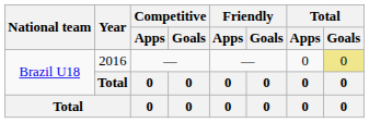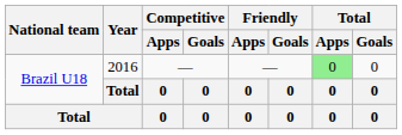 <table class="wikitable" style="text-align:center; font-size:96%">
 <tr>
 <th rowspan=2>National team</th>
 <th rowspan=2>Year</th>
 <th colspan=2>Competitive</th>
 <th colspan=2>Friendly</th>
 <th colspan=2>Total</th>
 </tr>
 <tr>
 <th>Apps</th>
 <th>Goals</th>
 <th>Apps</th>
 <th>Goals</th>
 <th>Apps</th>
 <th>Goals</th>
 </tr>
 <tr>
 <td rowspan=2><a href='#'>Brazil U18</a></td>
 <td>2016</td>
 <td colspan=2>—</td>
 <td colspan=2>—</td>
+<td style="background: lightgreen;">0</td>
 <td>0</td>
-<td style="background: khaki;">0</td>
 </tr>
 <tr>
 <th>Total</th>
 <th>0</th>
 <th>0</th>
 <th>0</th>
 <th>0</th>
 <th>0</th>
 <th>0</th>
 </tr>
 <tr>
 <th colspan=2>Total</th>
 <th>0</th>
 <th>0</th>
 <th>0</th>
 <th>0</th>
 <th>0</th>
 <th>0</th>
 </tr>
 </table>
